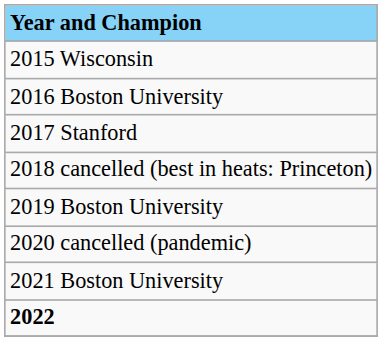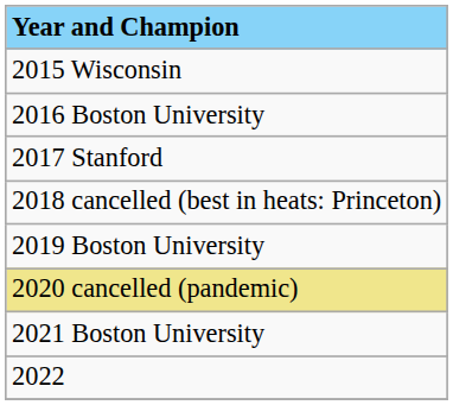 <table class="wikitable" style="font-size:85%;">
 <tr ! style="background-color: #87D3F8;">
 <td><strong>Year and Champion</strong></td>
 </tr>
 <tr --->
 <td>2015 Wisconsin</td>
 </tr>
 <tr --->
 <td>2016 Boston University</td>
 </tr>
 <tr --->
 <td>2017 Stanford</td>
 </tr>
 <tr --->
 <td>2018 cancelled (best in heats: Princeton)</td>
 </tr>
 <tr --->
 <td>2019 Boston University</td>
 </tr>
 <tr --->
-<td>2020 cancelled (pandemic)</td>
+<td style="background: khaki;">2020 cancelled (pandemic)</td>
 </tr>
 <tr --->
 <td>2021 Boston University</td>
 </tr>
 <tr --->
-<td><strong>2022</strong></td>
+<td>2022</td>
 </tr>
 <tr --->
 </tr>
 </table>
